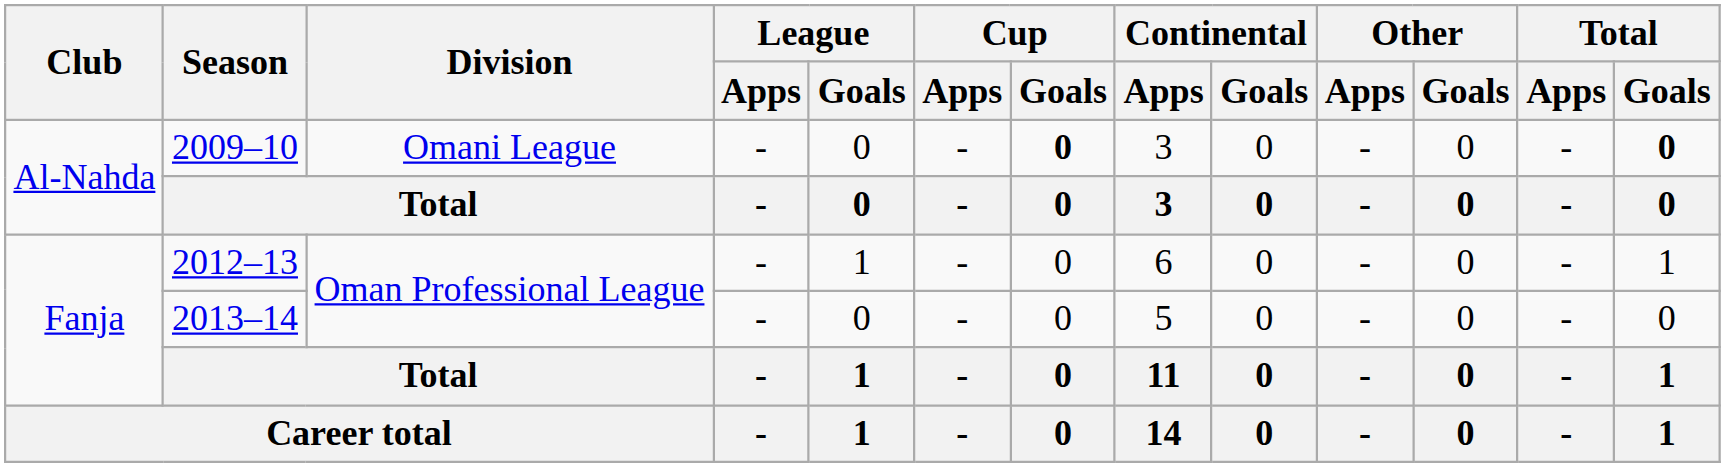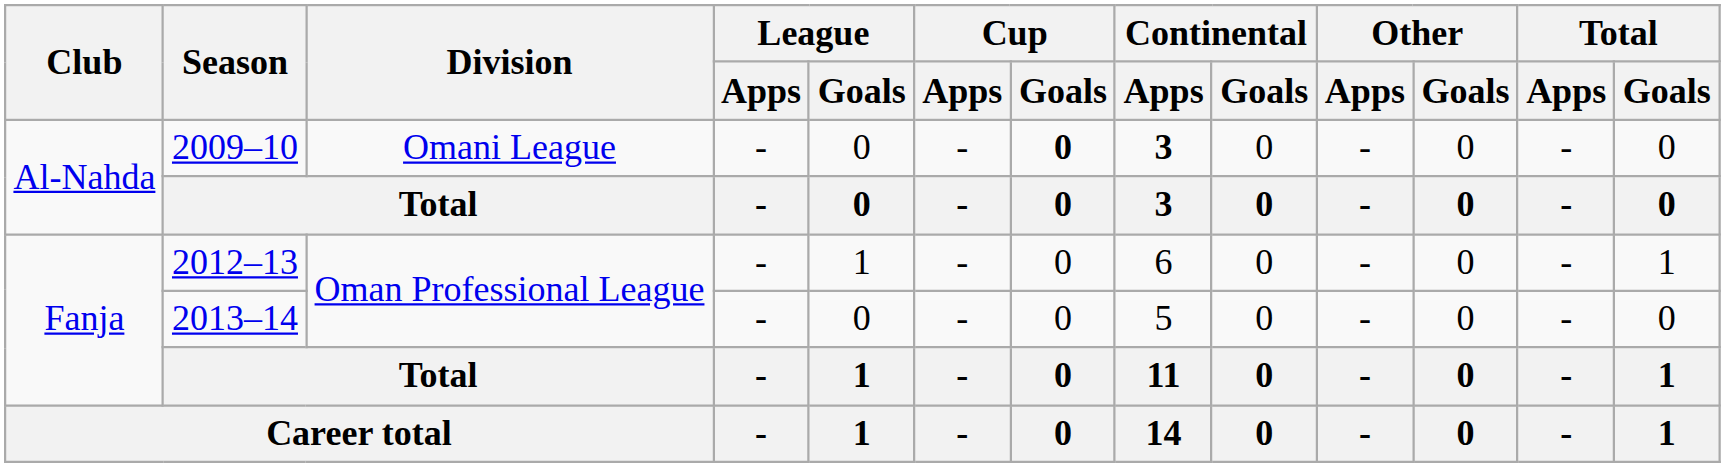 <table class="wikitable" style="text-align: center;">
 <tr>
 <th rowspan="2">Club</th>
 <th rowspan="2">Season</th>
 <th rowspan="2">Division</th>
 <th colspan="2">League</th>
 <th colspan="2">Cup</th>
 <th colspan="2">Continental</th>
 <th colspan="2">Other</th>
 <th colspan="2">Total</th>
 </tr>
 <tr>
 <th>Apps</th>
 <th>Goals</th>
 <th>Apps</th>
 <th>Goals</th>
 <th>Apps</th>
 <th>Goals</th>
 <th>Apps</th>
 <th>Goals</th>
 <th>Apps</th>
 <th>Goals</th>
 </tr>
 <tr>
 <td rowspan="2"><a href='#'>Al-Nahda</a></td>
 <td><a href='#'>2009–10</a></td>
 <td rowspan="1"><a href='#'>Omani League</a></td>
 <td>-</td>
 <td>0</td>
 <td>-</td>
 <td><strong>0</strong></td>
-<td>3</td>
+<td><strong>3</strong></td>
 <td>0</td>
 <td>-</td>
 <td>0</td>
 <td>-</td>
-<td><strong>0</strong></td>
+<td>0</td>
 </tr>
 <tr>
 <th colspan="2">Total</th>
 <th>-</th>
 <th>0</th>
 <th>-</th>
 <th>0</th>
 <th>3</th>
 <th>0</th>
 <th>-</th>
 <th>0</th>
 <th>-</th>
 <th>0</th>
 </tr>
 <tr>
 <td rowspan="3"><a href='#'>Fanja</a></td>
 <td><a href='#'>2012–13</a></td>
 <td rowspan="2"><a href='#'>Oman Professional League</a></td>
 <td>-</td>
 <td>1</td>
 <td>-</td>
 <td>0</td>
 <td>6</td>
 <td>0</td>
 <td>-</td>
 <td>0</td>
 <td>-</td>
 <td>1</td>
 </tr>
 <tr>
 <td><a href='#'>2013–14</a></td>
 <td>-</td>
 <td>0</td>
 <td>-</td>
 <td>0</td>
 <td>5</td>
 <td>0</td>
 <td>-</td>
 <td>0</td>
 <td>-</td>
 <td>0</td>
 </tr>
 <tr>
 <th colspan="2">Total</th>
 <th>-</th>
 <th>1</th>
 <th>-</th>
 <th>0</th>
 <th>11</th>
 <th>0</th>
 <th>-</th>
 <th>0</th>
 <th>-</th>
 <th>1</th>
 </tr>
 <tr>
 <th colspan="3">Career total</th>
 <th>-</th>
 <th>1</th>
 <th>-</th>
 <th>0</th>
 <th>14</th>
 <th>0</th>
 <th>-</th>
 <th>0</th>
 <th>-</th>
 <th>1</th>
 </tr>
 </table>
